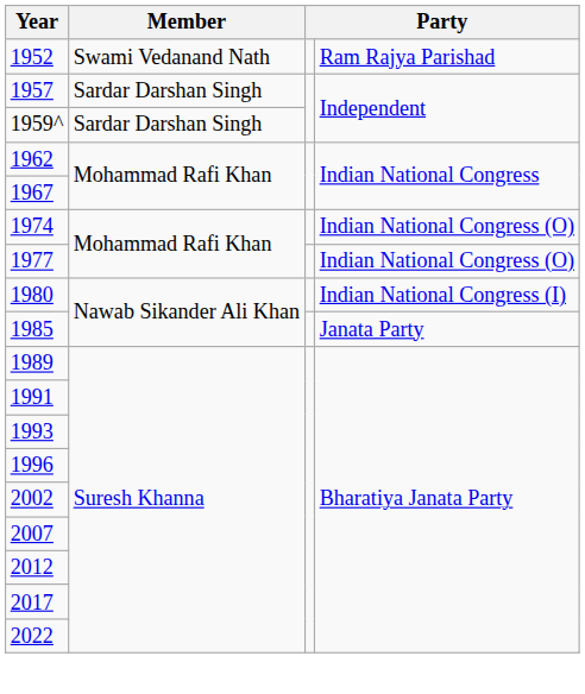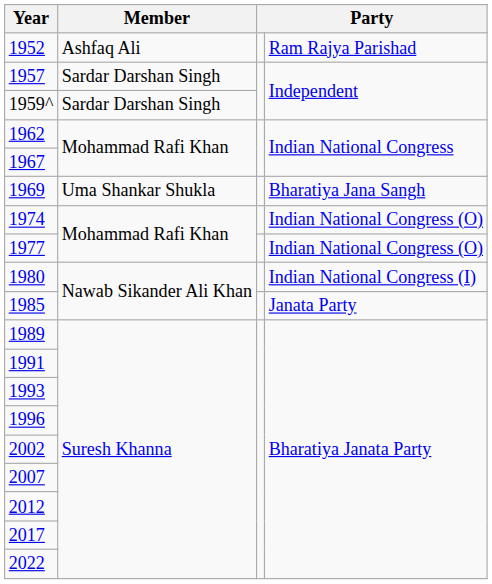 <table class="wikitable">
 <tr>
 <th>Year</th>
 <th>Member</th>
 <th colspan="2">Party</th>
 </tr>
 <tr>
 <td><a href='#'>1952</a></td>
-<td>Swami Vedanand Nath</td>
+<td>Ashfaq Ali</td>
 <td style="background-color: "></td>
 <td><a href='#'>Ram Rajya Parishad</a></td>
 </tr>
 <tr>
 <td><a href='#'>1957</a></td>
 <td>Sardar Darshan Singh</td>
 <td rowspan="2" style="background-color: "></td>
 <td rowspan="2"><a href='#'>Independent</a></td>
 </tr>
 <tr>
 <td>1959^</td>
 <td>Sardar Darshan Singh</td>
 </tr>
 <tr>
 <td><a href='#'>1962</a></td>
 <td rowspan="2">Mohammad Rafi Khan</td>
 <td rowspan="2" style="background-color: "></td>
 <td rowspan="2"><a href='#'>Indian National Congress</a></td>
 </tr>
 <tr>
 <td><a href='#'>1967</a></td>
+</tr>
+<tr>
+<td><a href='#'>1969</a></td>
+<td>Uma Shankar Shukla</td>
+<td style="background-color: "></td>
+<td><a href='#'>Bharatiya Jana Sangh</a></td>
 </tr>
 <tr>
 <td><a href='#'>1974</a></td>
 <td rowspan="2">Mohammad Rafi Khan</td>
 <td style="background-color: "></td>
 <td><a href='#'>Indian National Congress (O)</a></td>
 </tr>
 <tr>
 <td><a href='#'>1977</a></td>
 <td style="background-color: "></td>
 <td><a href='#'>Indian National Congress (O)</a></td>
 </tr>
 <tr>
 <td><a href='#'>1980</a></td>
 <td rowspan="2">Nawab Sikander Ali Khan</td>
 <td style="background-color: "></td>
 <td><a href='#'>Indian National Congress (I)</a></td>
 </tr>
 <tr>
 <td><a href='#'>1985</a></td>
 <td style="background-color: "></td>
 <td><a href='#'>Janata Party</a></td>
 </tr>
 <tr>
 <td><a href='#'>1989</a></td>
 <td rowspan="9"><a href='#'>Suresh Khanna</a></td>
 <td rowspan="9" style="background-color: "></td>
 <td rowspan="9"><a href='#'>Bharatiya Janata Party</a></td>
 </tr>
 <tr>
 <td><a href='#'>1991</a></td>
 </tr>
 <tr>
 <td><a href='#'>1993</a></td>
 </tr>
 <tr>
 <td><a href='#'>1996</a></td>
 </tr>
 <tr>
 <td><a href='#'>2002</a></td>
 </tr>
 <tr>
 <td><a href='#'>2007</a></td>
 </tr>
 <tr>
 <td><a href='#'>2012</a></td>
 </tr>
 <tr>
 <td><a href='#'>2017</a></td>
 </tr>
 <tr>
 <td><a href='#'>2022</a></td>
 </tr>
 </table>
